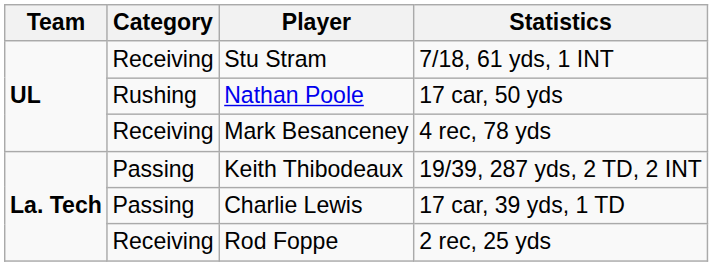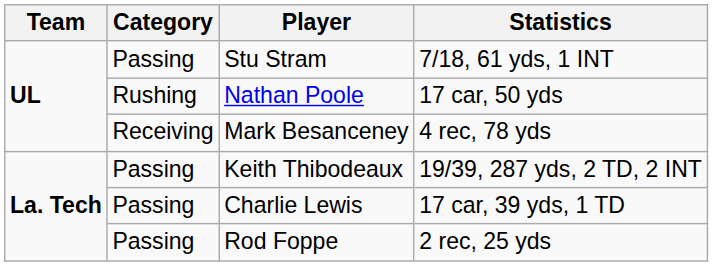 <table class="wikitable">
 <tr>
 <th>Team</th>
 <th>Category</th>
 <th>Player</th>
 <th>Statistics</th>
 </tr>
 <tr>
 <td rowspan=3><strong>UL</strong></td>
-<td>Receiving</td>
+<td>Passing</td>
 <td>Stu Stram</td>
 <td>7/18, 61 yds, 1 INT</td>
 </tr>
 <tr>
 <td>Rushing</td>
 <td><a href='#'>Nathan Poole</a></td>
 <td>17 car, 50 yds</td>
 </tr>
 <tr>
 <td>Receiving</td>
 <td>Mark Besanceney</td>
 <td>4 rec, 78 yds</td>
 </tr>
 <tr>
 <td rowspan=3><strong>La. Tech</strong></td>
 <td>Passing</td>
 <td>Keith Thibodeaux</td>
 <td>19/39, 287 yds, 2 TD, 2 INT</td>
 </tr>
 <tr>
 <td>Passing</td>
 <td>Charlie Lewis</td>
 <td>17 car, 39 yds, 1 TD</td>
 </tr>
 <tr>
-<td>Receiving</td>
+<td>Passing</td>
 <td>Rod Foppe</td>
 <td>2 rec, 25 yds</td>
 </tr>
 </table>
